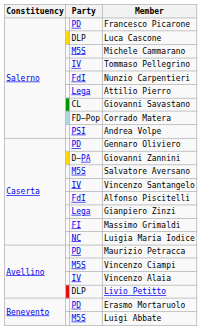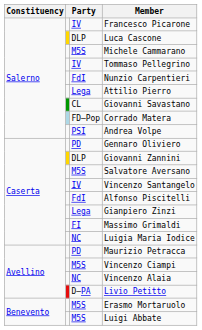 <table class="wikitable" style="font-size:90%">
 <tr>
 <th>Constituency</th>
 <th colspan=2>Party</th>
 <th>Member</th>
 </tr>
 <tr>
 <td rowspan="9"><a href='#'>Salerno</a></td>
 <td style="background:"></td>
-<td><a href='#'>PD</a></td>
+<td><a href='#'>IV</a></td>
 <td>Francesco Picarone</td>
 </tr>
 <tr>
 <td style="background:gold"></td>
 <td>DLP</td>
 <td>Luca Cascone</td>
 </tr>
 <tr>
 <td style="background:"></td>
 <td><a href='#'>M5S</a></td>
 <td>Michele Cammarano</td>
 </tr>
 <tr>
 <td style="background:"></td>
 <td><a href='#'>IV</a></td>
 <td>Tommaso Pellegrino</td>
 </tr>
 <tr>
 <td style="background:"></td>
 <td><a href='#'>FdI</a></td>
 <td>Nunzio Carpentieri</td>
 </tr>
 <tr>
 <td style="background:"></td>
 <td><a href='#'>Lega</a></td>
 <td>Attilio Pierro</td>
 </tr>
 <tr>
 <td style="background:#009800"></td>
 <td>CL</td>
 <td>Giovanni Savastano</td>
 </tr>
 <tr>
 <td style="background:#ADD8E6"></td>
 <td>FD–Pop</td>
 <td>Corrado Matera</td>
 </tr>
 <tr>
 <td style="background:"></td>
 <td><a href='#'>PSI</a></td>
 <td>Andrea Volpe</td>
 </tr>
 <tr>
 <td rowspan="8"><a href='#'>Caserta</a></td>
 <td style="background:"></td>
 <td><a href='#'>PD</a></td>
 <td>Gennaro Oliviero</td>
 </tr>
 <tr>
 <td style="background:gold"></td>
-<td>D–<a href='#'>PA</a></td>
+<td>DLP</td>
 <td>Giovanni Zannini</td>
 </tr>
 <tr>
 <td style="background:"></td>
 <td><a href='#'>M5S</a></td>
 <td>Salvatore Aversano</td>
 </tr>
 <tr>
 <td style="background:"></td>
 <td><a href='#'>IV</a></td>
 <td>Vincenzo Santangelo</td>
 </tr>
 <tr>
 <td style="background:"></td>
 <td><a href='#'>FdI</a></td>
 <td>Alfonso Piscitelli</td>
 </tr>
 <tr>
 <td style="background:"></td>
 <td><a href='#'>Lega</a></td>
 <td>Gianpiero Zinzi</td>
 </tr>
 <tr>
 <td style="background:"></td>
 <td><a href='#'>FI</a></td>
 <td>Massimo Grimaldi</td>
 </tr>
 <tr>
 <td style="background:"></td>
 <td><a href='#'>NC</a></td>
 <td>Luigia Maria Iodice</td>
 </tr>
 <tr>
 <td rowspan="4"><a href='#'>Avellino</a></td>
 <td style="background:"></td>
 <td><a href='#'>PD</a></td>
 <td>Maurizio Petracca</td>
 </tr>
 <tr>
 <td style="background:"></td>
 <td><a href='#'>M5S</a></td>
 <td>Vincenzo Ciampi</td>
 </tr>
 <tr>
 <td style="background:"></td>
-<td><a href='#'>IV</a></td>
+<td><a href='#'>NC</a></td>
 <td>Vincenzo Alaia</td>
 </tr>
 <tr>
 <td style="background:#E60C0C"></td>
-<td>DLP</td>
+<td>D–<a href='#'>PA</a></td>
 <td><a href='#'>Livio Petitto</a></td>
 </tr>
 <tr>
 <td rowspan="2"><a href='#'>Benevento</a></td>
 <td style="background:"></td>
-<td><a href='#'>PD</a></td>
+<td><a href='#'>M5S</a></td>
 <td>Erasmo Mortaruolo</td>
 </tr>
 <tr>
 <td style="background:"></td>
 <td><a href='#'>M5S</a></td>
 <td>Luigi Abbate</td>
 </tr>
 </table>
